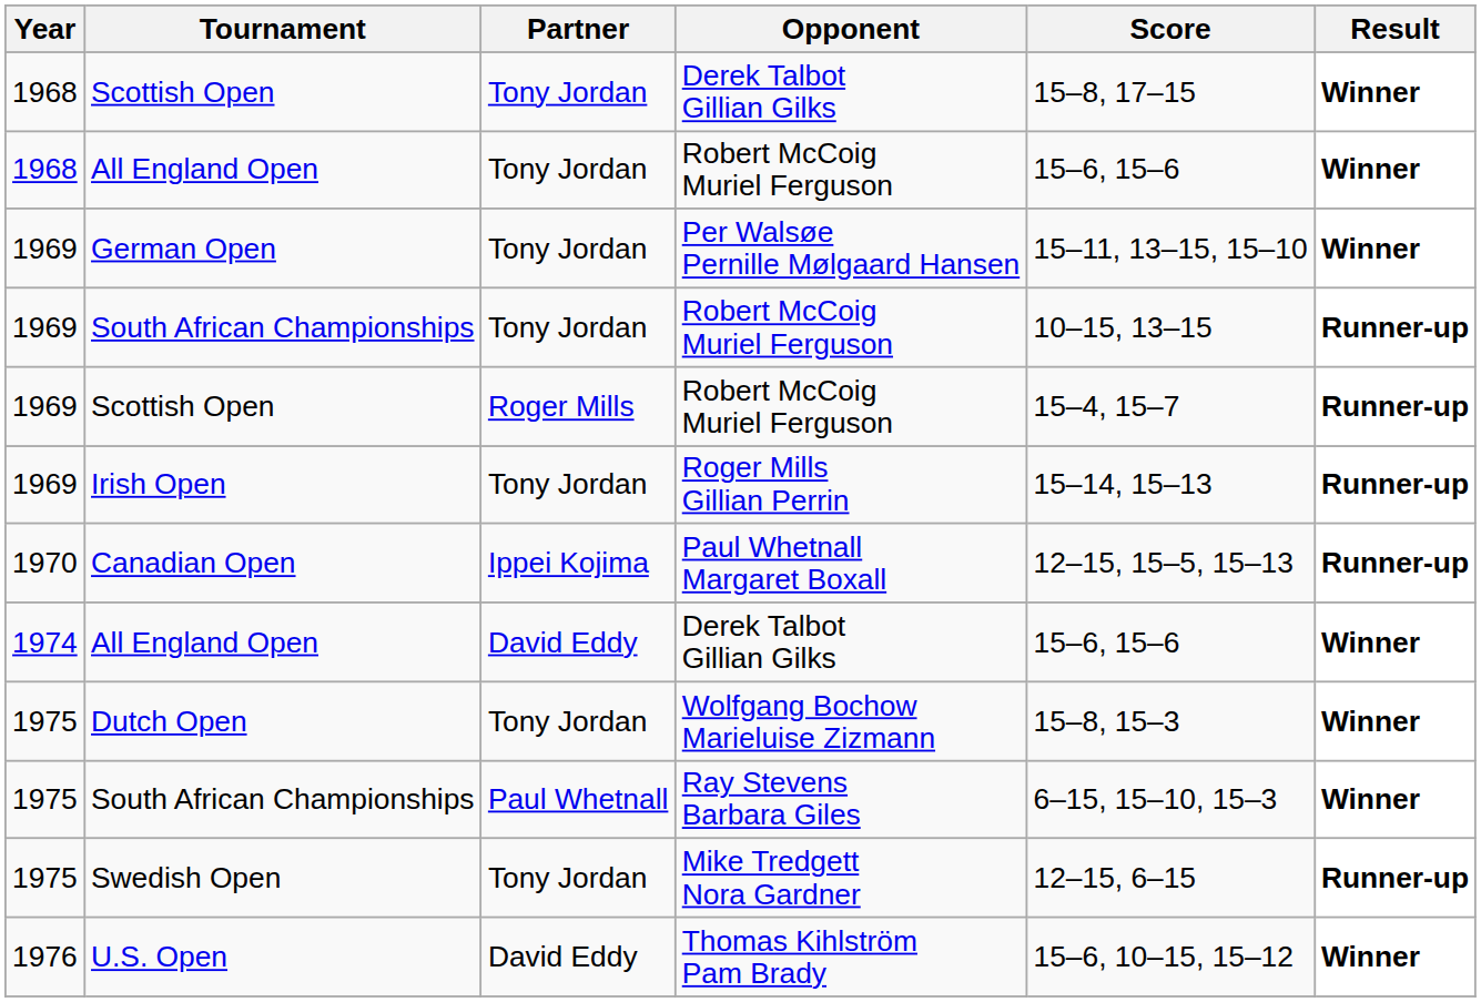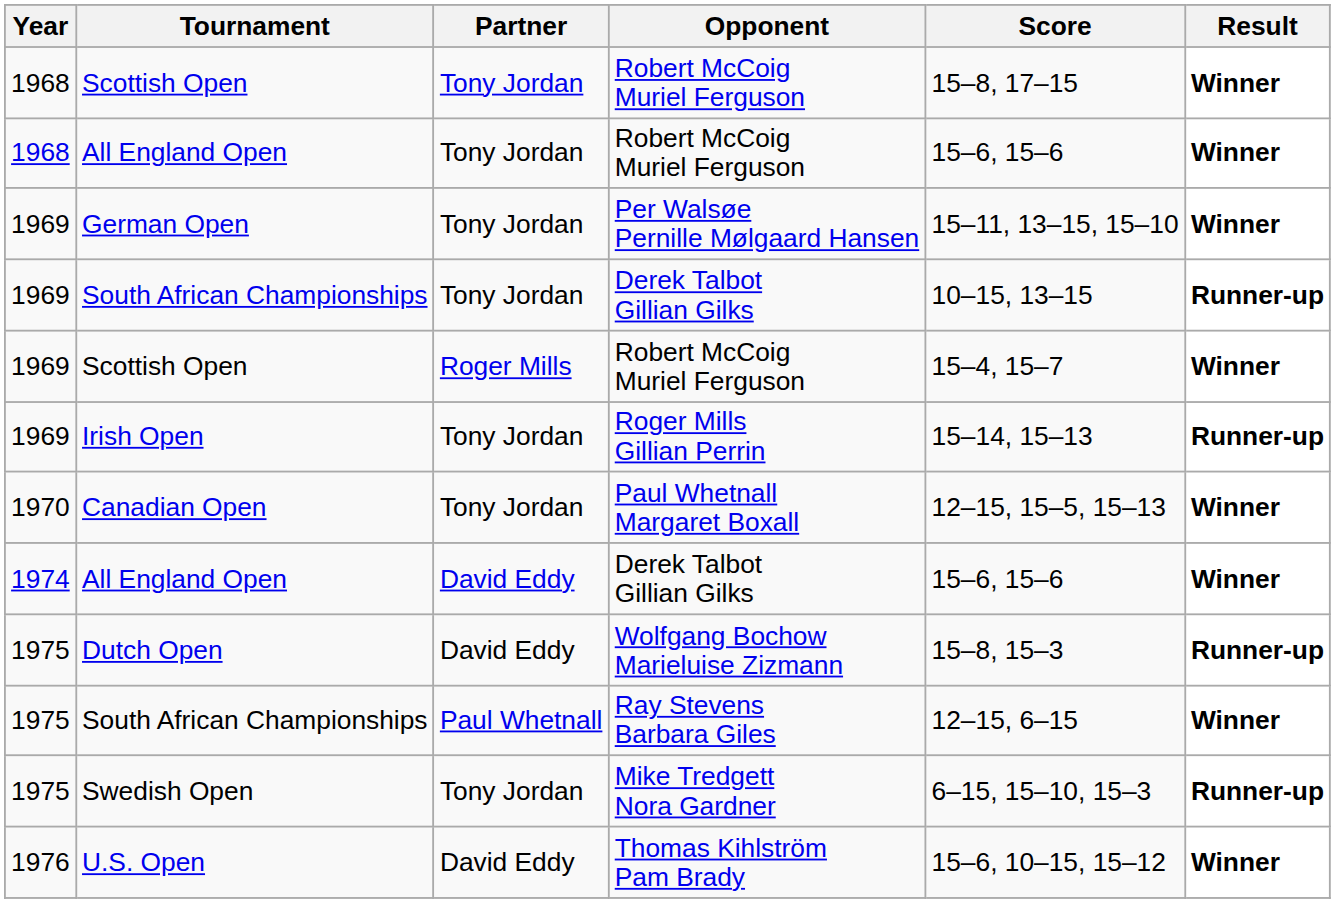 <table class="sortable wikitable" style="font-size: 90%;">
 <tr>
 <th>Year</th>
 <th>Tournament</th>
 <th>Partner</th>
 <th>Opponent</th>
 <th>Score</th>
 <th>Result</th>
 </tr>
 <tr>
 <td align="center">1968</td>
 <td align="left"><a href='#'>Scottish Open</a></td>
 <td align="left"> <a href='#'>Tony Jordan</a></td>
-<td align="left"> <a href='#'>Derek Talbot</a> <br>  <a href='#'>Gillian Gilks</a></td>
+<td align="left"> <a href='#'>Robert McCoig</a> <br>  <a href='#'>Muriel Ferguson</a></td>
 <td align="left">15–8, 17–15</td>
 <td style="text-align:left; background:white"> <strong>Winner</strong></td>
 </tr>
 <tr>
 <td align="center"><a href='#'>1968</a></td>
 <td align="left"><a href='#'>All England Open</a></td>
 <td align="left"> Tony Jordan</td>
 <td align="left"> Robert McCoig <br>  Muriel Ferguson</td>
 <td align="left">15–6, 15–6</td>
 <td style="text-align:left; background:white"> <strong>Winner</strong></td>
 </tr>
 <tr>
 <td align="center">1969</td>
 <td align="left"><a href='#'>German Open</a></td>
 <td align="left"> Tony Jordan</td>
 <td align="left"> <a href='#'>Per Walsøe</a> <br>  <a href='#'>Pernille Mølgaard Hansen</a></td>
 <td align="left">15–11, 13–15, 15–10</td>
 <td style="text-align:left; background:white"> <strong>Winner</strong></td>
 </tr>
 <tr>
 <td align="center">1969</td>
 <td align="left"><a href='#'>South African Championships</a></td>
 <td align="left"> Tony Jordan</td>
-<td align="left"> <a href='#'>Robert McCoig</a> <br>  <a href='#'>Muriel Ferguson</a></td>
+<td align="left"> <a href='#'>Derek Talbot</a> <br>  <a href='#'>Gillian Gilks</a></td>
 <td align="left">10–15, 13–15</td>
 <td style="text-align:left; background:white"> <strong>Runner-up</strong></td>
 </tr>
 <tr>
 <td align="center">1969</td>
 <td align="left">Scottish Open</td>
 <td align="left"> <a href='#'>Roger Mills</a></td>
 <td align="left"> Robert McCoig <br>  Muriel Ferguson</td>
 <td align="left">15–4, 15–7</td>
-<td style="text-align:left; background:white"> <strong>Runner-up</strong></td>
+<td style="text-align:left; background:white"> <strong>Winner</strong></td>
 </tr>
 <tr>
 <td align="center">1969</td>
 <td align="left"><a href='#'>Irish Open</a></td>
 <td align="left"> Tony Jordan</td>
 <td align="left"> <a href='#'>Roger Mills</a> <br>  <a href='#'>Gillian Perrin</a></td>
 <td align="left">15–14, 15–13</td>
 <td style="text-align:left; background:white"> <strong>Runner-up</strong></td>
 </tr>
 <tr>
 <td align="center">1970</td>
 <td align="left"><a href='#'>Canadian Open</a></td>
-<td align="left"> <a href='#'>Ippei Kojima</a></td>
+<td align="left"> Tony Jordan</td>
 <td align="left"> <a href='#'>Paul Whetnall</a> <br>  <a href='#'>Margaret Boxall</a></td>
 <td align="left">12–15, 15–5, 15–13</td>
-<td style="text-align:left; background:white"> <strong>Runner-up</strong></td>
+<td style="text-align:left; background:white"> <strong>Winner</strong></td>
 </tr>
 <tr>
 <td align="center"><a href='#'>1974</a></td>
 <td align="left"><a href='#'>All England Open</a></td>
 <td align="left"> <a href='#'>David Eddy</a></td>
 <td align="left"> Derek Talbot <br>  Gillian Gilks</td>
 <td align="left">15–6, 15–6</td>
 <td style="text-align:left; background:white"> <strong>Winner</strong></td>
 </tr>
 <tr>
 <td align="center">1975</td>
 <td align="left"><a href='#'>Dutch Open</a></td>
-<td align="left"> Tony Jordan</td>
+<td align="left"> David Eddy</td>
 <td align="left"> <a href='#'>Wolfgang Bochow</a> <br>  <a href='#'>Marieluise Zizmann</a></td>
 <td align="left">15–8, 15–3</td>
-<td style="text-align:left; background:white"> <strong>Winner</strong></td>
+<td style="text-align:left; background:white"> <strong>Runner-up</strong></td>
 </tr>
 <tr>
 <td align="center">1975</td>
 <td align="left">South African Championships</td>
 <td align="left"> <a href='#'>Paul Whetnall</a></td>
 <td align="left"> <a href='#'>Ray Stevens</a> <br>  <a href='#'>Barbara Giles</a></td>
-<td align="left">6–15, 15–10, 15–3</td>
+<td align="left">12–15, 6–15</td>
 <td style="text-align:left; background:white"> <strong>Winner</strong></td>
 </tr>
 <tr>
 <td align="center">1975</td>
 <td align="left">Swedish Open</td>
 <td align="left"> Tony Jordan</td>
 <td align="left"> <a href='#'>Mike Tredgett</a> <br>  <a href='#'>Nora Gardner</a></td>
-<td align="left">12–15, 6–15</td>
+<td align="left">6–15, 15–10, 15–3</td>
 <td style="text-align:left; background:white"> <strong>Runner-up</strong></td>
 </tr>
 <tr>
 <td align="center">1976</td>
 <td align="left"><a href='#'>U.S. Open</a></td>
 <td align="left"> David Eddy</td>
 <td align="left"> <a href='#'>Thomas Kihlström</a> <br>  <a href='#'>Pam Brady</a></td>
 <td align="left">15–6, 10–15, 15–12</td>
 <td style="text-align:left; background:white"> <strong>Winner</strong></td>
 </tr>
 </table>
